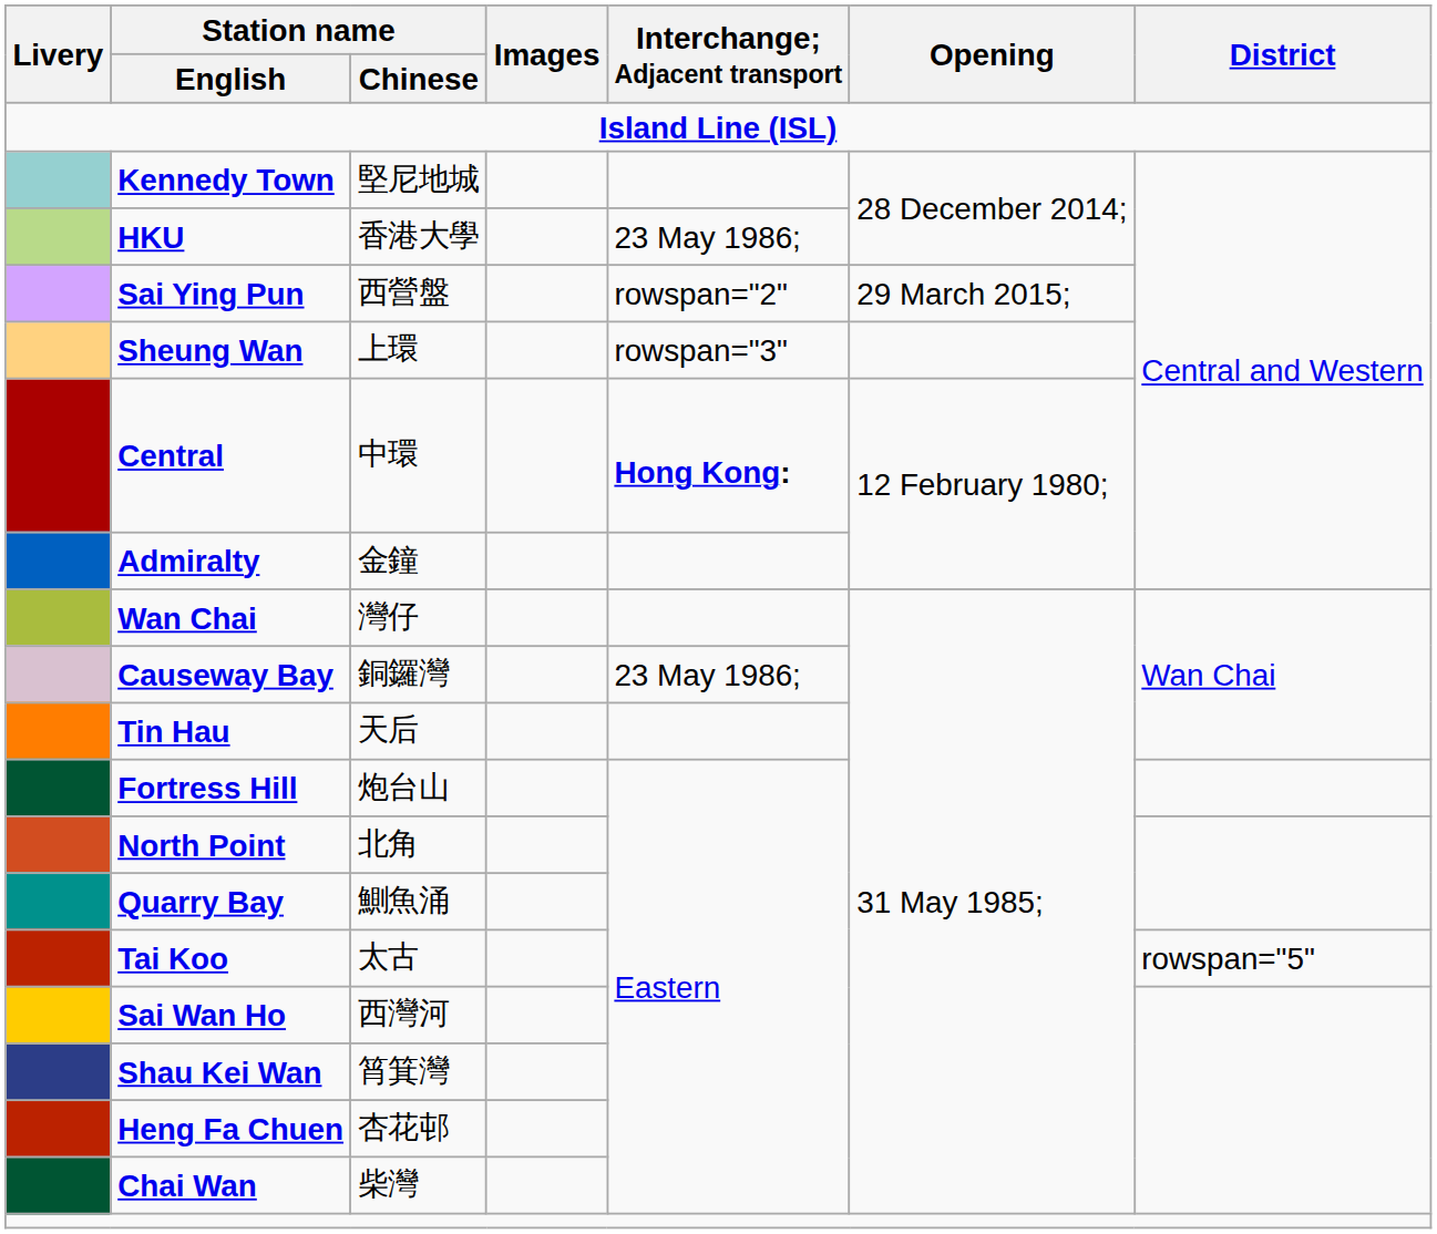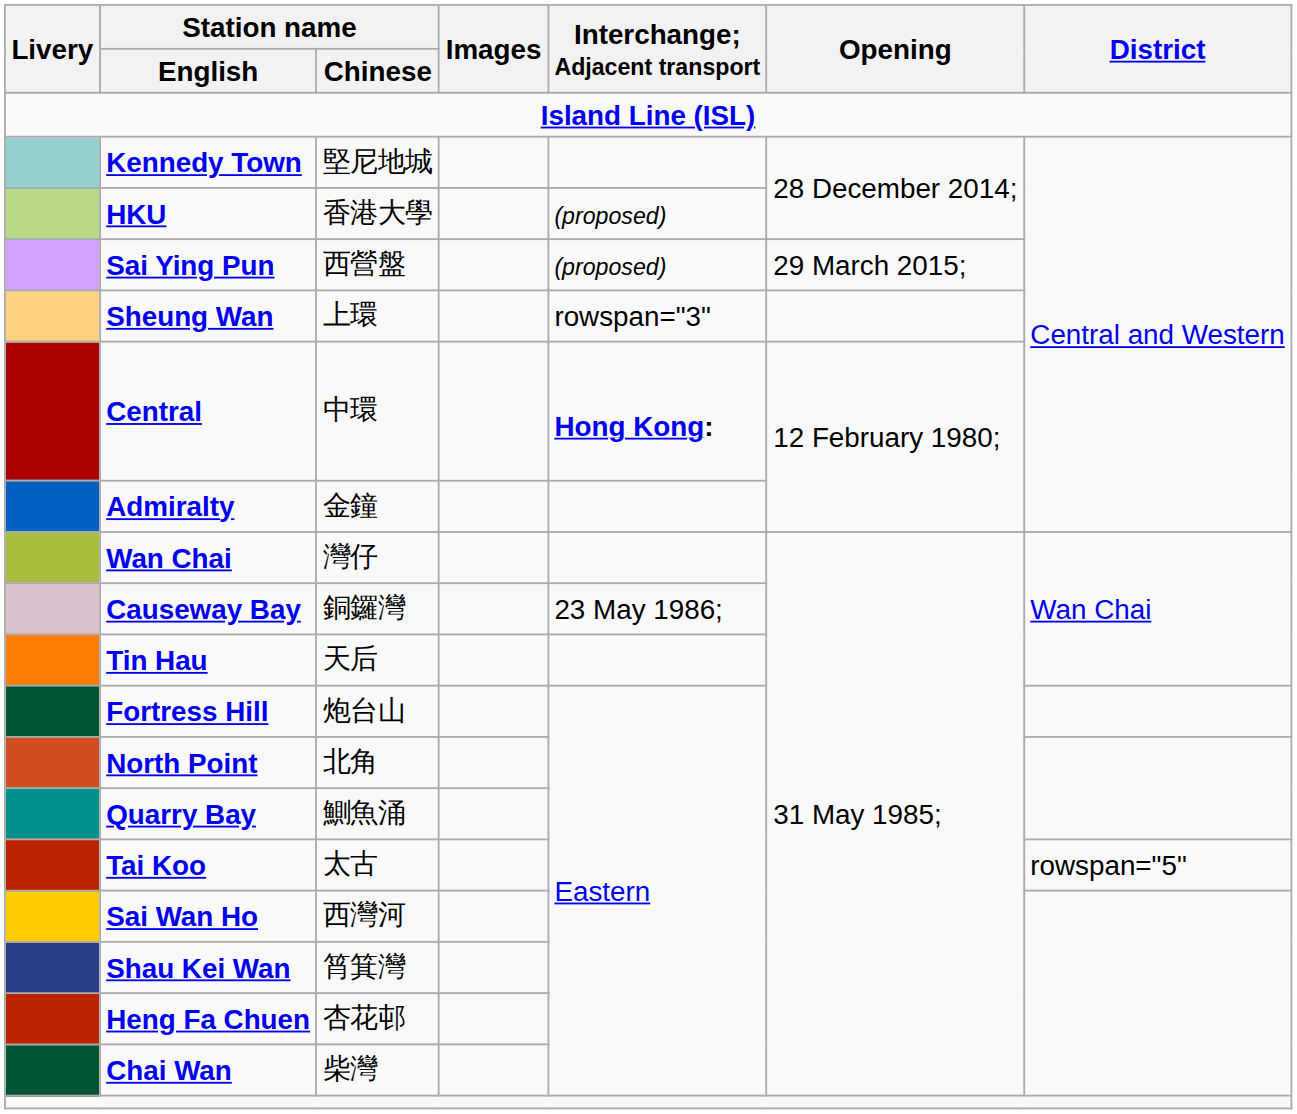 <table class="wikitable" style="color: black; border-collapse: collapse; font-size: 95%">
 <tr>
 <th rowspan="2">Livery</th>
 <th colspan="2">Station name</th>
 <th rowspan="2">Images</th>
 <th rowspan="2">Interchange;<br><small>Adjacent transport</small></th>
 <th rowspan="2">Opening</th>
 <th rowspan="2"><a href='#'>District</a></th>
 </tr>
 <tr>
 <th>English</th>
 <th>Chinese</th>
 </tr>
 <tr>
 <td colspan="9" style="text-align:center;"><strong><a href='#'><span>Island Line (ISL)</span></a></strong></td>
 </tr>
 <tr>
 <td style="background-color: #95D0D0;"></td>
 <td><a href='#'><strong>Kennedy Town</strong></a></td>
 <td>堅尼地城</td>
 <td></td>
 <td></td>
 <td rowspan="2">28 December 2014;<br></td>
 <td rowspan="6"><a href='#'>Central and Western</a></td>
 </tr>
 <tr>
 <td style="background-color: #B8DA89;"></td>
 <td><a href='#'><strong>HKU</strong></a></td>
 <td>香港大學</td>
 <td></td>
-<td>23 May 1986;<br></td>
+<td><em> <small>(proposed)</small></em></td>
 </tr>
 <tr>
 <td style="background-color: #D3A4FF;"></td>
 <td><a href='#'><strong>Sai Ying Pun</strong></a></td>
 <td>西營盤</td>
 <td></td>
-<td>rowspan="2" </td>
+<td><em> <small>(proposed)</small></em></td>
 <td>29 March 2015;<br></td>
 </tr>
 <tr>
 <td style="background-color: #FFD280;"></td>
 <td><a href='#'><strong>Sheung Wan</strong></a></td>
 <td>上環</td>
 <td></td>
 <td>rowspan="3" </td>
 </tr>
 <tr>
 <td style="background-color: #AA0000;"></td>
 <td><a href='#'><strong>Central</strong></a></td>
 <td>中環</td>
 <td></td>
 <td><br><br> <strong><a href='#'>Hong Kong</a>:</strong><br><br></td>
 <td rowspan="2">12 February 1980;<br></td>
 </tr>
 <tr>
 <td style="background-color: #0060C0;"></td>
 <td><a href='#'><strong>Admiralty</strong></a></td>
 <td>金鐘</td>
 <td></td>
 <td></td>
 </tr>
 <tr>
 <td style="background-color: #A9BC3E;"></td>
 <td><a href='#'><strong>Wan Chai</strong></a></td>
 <td>灣仔</td>
 <td></td>
 <td></td>
 <td rowspan="11">31 May 1985;<br></td>
 <td rowspan="3"><a href='#'>Wan Chai</a></td>
 </tr>
 <tr>
 <td style="background-color: #D9C1D0;"></td>
 <td><a href='#'><strong>Causeway Bay</strong></a></td>
 <td>銅鑼灣</td>
 <td></td>
 <td>23 May 1986;<br></td>
 </tr>
 <tr>
 <td style="background-color: #FF7D00;"></td>
 <td><a href='#'><strong>Tin Hau</strong></a></td>
 <td>天后</td>
 <td></td>
 </tr>
 <tr>
 <td style="background-color: #005533;"></td>
 <td><a href='#'><strong>Fortress Hill</strong></a></td>
 <td>炮台山</td>
 <td></td>
 <td rowspan="8"><a href='#'>Eastern</a></td>
 </tr>
 <tr>
 <td style="background-color: #D24D20;"></td>
 <td><a href='#'><strong>North Point</strong></a></td>
 <td>北角</td>
 <td></td>
 <td rowspan="2"></td>
 </tr>
 <tr>
 <td style="background-color: #00918C;"></td>
 <td><a href='#'><strong>Quarry Bay</strong></a></td>
 <td>鰂魚涌</td>
 <td></td>
 </tr>
 <tr>
 <td style="background-color: #BB2200;"></td>
 <td><a href='#'><strong>Tai Koo</strong></a></td>
 <td>太古</td>
 <td></td>
 <td>rowspan="5" </td>
 </tr>
 <tr>
 <td style="background-color: #FFCC00;"></td>
 <td><a href='#'><strong>Sai Wan Ho</strong></a></td>
 <td>西灣河</td>
 <td></td>
 </tr>
 <tr>
 <td style="background-color: #2C3D87;"></td>
 <td><a href='#'><strong>Shau Kei Wan</strong></a></td>
 <td>筲箕灣</td>
 <td></td>
 </tr>
 <tr>
 <td style="background-color: #BB2200;"></td>
 <td><a href='#'><strong>Heng Fa Chuen</strong></a></td>
 <td>杏花邨</td>
 <td></td>
 </tr>
 <tr>
 <td style="background-color: #005533;"></td>
 <td><a href='#'><strong>Chai Wan</strong></a></td>
 <td>柴灣</td>
 <td></td>
 </tr>
 <tr>
 <td colspan = "7"></td>
 </tr>
 </table>
